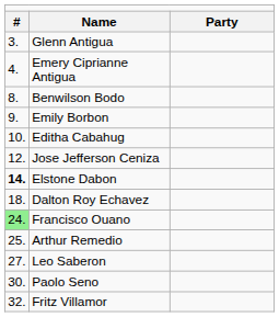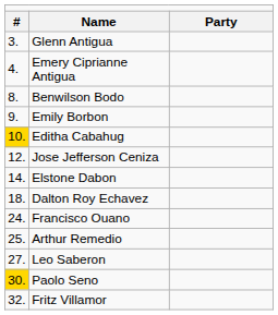 <table class=wikitable style="font-size:90%">
 <tr>
 <td colspan=4 bgcolor=></td>
 </tr>
 <tr>
 <th>#</th>
 <th width=150px>Name</th>
 <th colspan=2 width=110px>Party</th>
 </tr>
 <tr>
 <td>3.</td>
 <td>Glenn Antigua</td>
 <td></td>
 </tr>
 <tr>
 <td>4.</td>
 <td>Emery Ciprianne Antigua</td>
 <td></td>
 </tr>
 <tr>
 <td>8.</td>
 <td>Benwilson Bodo</td>
 <td></td>
 </tr>
 <tr>
 <td>9.</td>
 <td>Emily Borbon</td>
 <td></td>
 </tr>
 <tr>
-<td>10.</td>
+<td style="background: gold;">10.</td>
 <td>Editha Cabahug</td>
 <td></td>
 </tr>
 <tr>
 <td>12.</td>
 <td>Jose Jefferson Ceniza</td>
 <td></td>
 </tr>
 <tr>
-<td><strong>14.</strong></td>
+<td>14.</td>
 <td>Elstone Dabon</td>
 <td></td>
 </tr>
 <tr>
 <td>18.</td>
 <td>Dalton Roy Echavez</td>
 <td></td>
 </tr>
 <tr>
-<td style="background: lightgreen;">24.</td>
+<td>24.</td>
 <td>Francisco Ouano</td>
 <td></td>
 </tr>
 <tr>
 <td>25.</td>
 <td>Arthur Remedio</td>
 <td></td>
 </tr>
 <tr>
 <td>27.</td>
 <td>Leo Saberon</td>
 <td></td>
 </tr>
 <tr>
-<td>30.</td>
+<td style="background: gold;">30.</td>
 <td>Paolo Seno</td>
 <td></td>
 </tr>
 <tr>
 <td>32.</td>
 <td>Fritz Villamor</td>
 <td></td>
 </tr>
 </table>
